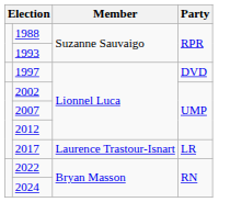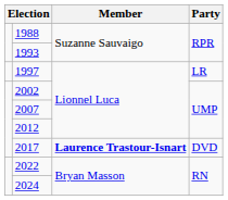 <table class="wikitable">
 <tr>
 <th colspan="2">Election</th>
 <th>Member</th>
 <th>Party</th>
 </tr>
 <tr>
 <td rowspan="2" style="background-color: "></td>
 <td><a href='#'>1988</a></td>
 <td rowspan="2">Suzanne Sauvaigo</td>
 <td rowspan="2"><a href='#'>RPR</a></td>
 </tr>
 <tr>
 <td><a href='#'>1993</a></td>
 </tr>
 <tr>
 <td style="color:inherit;background-color: "></td>
 <td><a href='#'>1997</a></td>
 <td rowspan="4"><a href='#'>Lionnel Luca</a></td>
-<td><a href='#'>DVD</a></td>
+<td><a href='#'>LR</a></td>
 </tr>
 <tr>
 <td rowspan="4" style="background-color: "></td>
 <td><a href='#'>2002</a></td>
 <td rowspan="3"><a href='#'>UMP</a></td>
 </tr>
 <tr>
 <td><a href='#'>2007</a></td>
 </tr>
 <tr>
 <td><a href='#'>2012</a></td>
 </tr>
 <tr>
 <td><a href='#'>2017</a></td>
-<td><a href='#'>Laurence Trastour-Isnart</a></td>
-<td><a href='#'>LR</a></td>
+<td><strong><a href='#'>Laurence Trastour-Isnart</a></strong></td>
+<td><a href='#'>DVD</a></td>
 </tr>
 <tr>
 <td rowspan="2" style="color:inherit;background-color: "></td>
 <td><a href='#'>2022</a></td>
 <td rowspan="2"><a href='#'>Bryan Masson</a></td>
 <td rowspan="2"><a href='#'>RN</a></td>
 </tr>
 <tr>
 <td><a href='#'>2024</a></td>
 </tr>
 </table>
